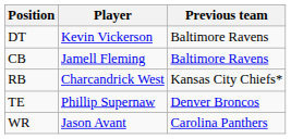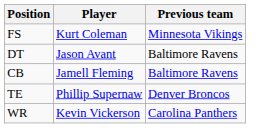 <table class="wikitable sortable">
 <tr>
 <th>Position</th>
 <th>Player</th>
 <th>Previous team</th>
 </tr>
 <tr>
+<td>FS</td>
+<td><a href='#'>Kurt Coleman</a></td>
+<td><a href='#'>Minnesota Vikings</a></td>
+</tr>
+<tr>
 <td>DT</td>
-<td><a href='#'>Kevin Vickerson</a></td>
+<td><a href='#'>Jason Avant</a></td>
 <td>Baltimore Ravens</td>
 </tr>
 <tr>
 <td>CB</td>
 <td><a href='#'>Jamell Fleming</a></td>
 <td><a href='#'>Baltimore Ravens</a></td>
 </tr>
 <tr>
-<td>RB</td>
-<td><a href='#'>Charcandrick West</a></td>
-<td>Kansas City Chiefs*</td>
-</tr>
-<tr>
 <td>TE</td>
 <td><a href='#'>Phillip Supernaw</a></td>
 <td><a href='#'>Denver Broncos</a></td>
 </tr>
 <tr>
 <td>WR</td>
-<td><a href='#'>Jason Avant</a></td>
+<td><a href='#'>Kevin Vickerson</a></td>
 <td><a href='#'>Carolina Panthers</a></td>
 </tr>
 </table>
